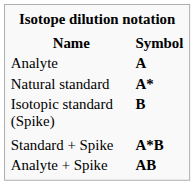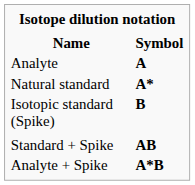 <table class=infobox width=200px>
 <tr>
 <th colspan=2>Isotope dilution notation</th>
 </tr>
 <tr>
 <td></td>
 <td></td>
 </tr>
 <tr>
 <th>Name</th>
 <th>Symbol</th>
 </tr>
 <tr>
 <td>Analyte</td>
 <td><strong>A</strong></td>
 </tr>
 <tr>
 <td>Natural standard</td>
 <td><strong>A*</strong></td>
 </tr>
 <tr>
 <td>Isotopic standard (Spike)</td>
 <td><strong>B</strong></td>
 </tr>
 <tr>
 <td></td>
 <td></td>
 </tr>
 <tr>
 <td>Standard + Spike</td>
-<td><strong>A*B</strong></td>
+<td><strong>AB</strong></td>
 </tr>
 <tr>
 <td>Analyte + Spike</td>
-<td><strong>AB</strong></td>
+<td><strong>A*B</strong></td>
 </tr>
 </table>
